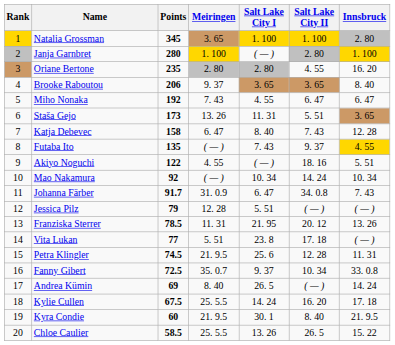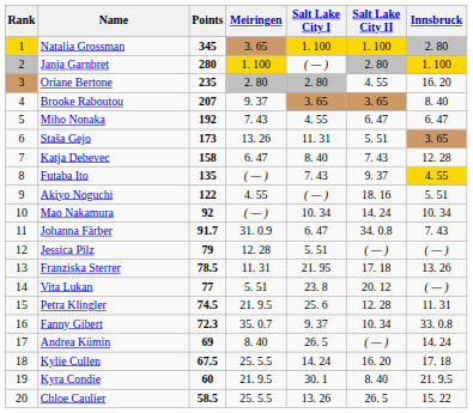 <table class="wikitable sortable">
 <tr>
 <th>Rank</th>
 <th width = "200">Name</th>
 <th>Points</th>
 <th width = "75" data-sort-type="number"><a href='#'>Meiringen</a></th>
 <th width = "75" data-sort-type="number"><a href='#'>Salt Lake City I</a></th>
 <th width = "75" data-sort-type="number"><a href='#'>Salt Lake City II</a></th>
 <th width = "75" data-sort-type="number"><a href='#'>Innsbruck</a></th>
 </tr>
 <tr>
 <td align="center" style="background: gold">1</td>
 <td> <a href='#'>Natalia Grossman</a></td>
 <td align="center"><strong>345</strong></td>
 <td align="center" style="background: #cc9966">3. 65</td>
 <td align="center" style="background: gold">1. 100</td>
 <td align="center" style="background: gold">1. 100</td>
 <td align="center" style="background: silver">2. 80</td>
 </tr>
 <tr>
 <td align="center" style="background: silver">2</td>
 <td> <a href='#'>Janja Garnbret</a></td>
 <td align="center"><strong>280</strong></td>
 <td align="center" style="background: gold">1. 100</td>
 <td align="center"><em>( — )</em></td>
 <td align="center" style="background: silver">2. 80</td>
 <td align="center" style="background: gold">1. 100</td>
 </tr>
 <tr>
 <td align="center" style="background: #cc9966">3</td>
 <td> <a href='#'>Oriane Bertone</a></td>
 <td align="center"><strong>235</strong></td>
 <td align="center" style="background: silver">2. 80</td>
 <td align="center" style="background: silver">2. 80</td>
 <td align="center">4. 55</td>
 <td align="center">16. 20</td>
 </tr>
 <tr>
 <td align="center">4</td>
 <td> <a href='#'>Brooke Raboutou</a></td>
-<td align="center"><strong>206</strong></td>
+<td align="center"><strong>207</strong></td>
 <td align="center">9. 37</td>
 <td align="center" style="background: #cc9966">3. 65</td>
 <td align="center" style="background: #cc9966">3. 65</td>
 <td align="center">8. 40</td>
 </tr>
 <tr>
 <td align="center">5</td>
 <td> <a href='#'>Miho Nonaka</a></td>
 <td align="center"><strong>192</strong></td>
 <td align="center">7. 43</td>
 <td align="center">4. 55</td>
 <td align="center">6. 47</td>
 <td align="center">6. 47</td>
 </tr>
 <tr>
 <td align="center">6</td>
 <td> <a href='#'>Staša Gejo</a></td>
 <td align="center"><strong>173</strong></td>
 <td align="center">13. 26</td>
 <td align="center">11. 31</td>
 <td align="center">5. 51</td>
 <td align="center" style="background: #cc9966">3. 65</td>
 </tr>
 <tr>
 <td align="center">7</td>
 <td> <a href='#'>Katja Debevec</a></td>
 <td align="center"><strong>158</strong></td>
 <td align="center">6. 47</td>
 <td align="center">8. 40</td>
 <td align="center">7. 43</td>
 <td align="center">12. 28</td>
 </tr>
 <tr>
 <td align="center">8</td>
 <td> <a href='#'>Futaba Ito</a></td>
 <td align="center"><strong>135</strong></td>
 <td align="center"><em>( — )</em></td>
 <td align="center">7. 43</td>
 <td align="center">9. 37</td>
 <td align="center" style="background: gold;">4. 55</td>
 </tr>
 <tr>
 <td align="center">9</td>
 <td> <a href='#'>Akiyo Noguchi</a></td>
 <td align="center"><strong>122</strong></td>
 <td align="center">4. 55</td>
 <td align="center"><em>( — )</em></td>
 <td align="center">18. 16</td>
 <td align="center">5. 51</td>
 </tr>
 <tr>
 <td align="center">10</td>
 <td> <a href='#'>Mao Nakamura</a></td>
 <td align="center"><strong>92</strong></td>
 <td align="center"><em>( — )</em></td>
 <td align="center">10. 34</td>
 <td align="center">14. 24</td>
 <td align="center">10. 34</td>
 </tr>
 <tr>
 <td align="center">11</td>
 <td> <a href='#'>Johanna Färber</a></td>
 <td align="center"><strong>91.7</strong></td>
 <td align="center">31. 0.9</td>
 <td align="center">6. 47</td>
 <td align="center">34. 0.8</td>
 <td align="center">7. 43</td>
 </tr>
 <tr>
 <td align="center">12</td>
 <td> <a href='#'>Jessica Pilz</a></td>
 <td align="center"><strong>79</strong></td>
 <td align="center">12. 28</td>
 <td align="center">5. 51</td>
 <td align="center"><em>( — )</em></td>
 <td align="center"><em>( — )</em></td>
 </tr>
 <tr>
 <td align="center">13</td>
 <td> <a href='#'>Franziska Sterrer</a></td>
 <td align="center"><strong>78.5</strong></td>
 <td align="center">11. 31</td>
 <td align="center">21. 95</td>
-<td align="center">20. 12</td>
+<td align="center">17. 18</td>
 <td align="center">13. 26</td>
 </tr>
 <tr>
 <td align="center">14</td>
 <td> <a href='#'>Vita Lukan</a></td>
 <td align="center"><strong>77</strong></td>
 <td align="center">5. 51</td>
 <td align="center">23. 8</td>
-<td align="center">17. 18</td>
+<td align="center">20. 12</td>
 <td align="center"><em>( — )</em></td>
 </tr>
 <tr>
 <td align="center">15</td>
 <td> <a href='#'>Petra Klingler</a></td>
 <td align="center"><strong>74.5</strong></td>
 <td align="center">21. 9.5</td>
 <td align="center">25. 6</td>
 <td align="center">12. 28</td>
 <td align="center">11. 31</td>
 </tr>
 <tr>
 <td align="center">16</td>
 <td> <a href='#'>Fanny Gibert</a></td>
-<td align="center"><strong>72.5</strong></td>
+<td align="center"><strong>72.3</strong></td>
 <td align="center">35. 0.7</td>
 <td align="center">9. 37</td>
 <td align="center">10. 34</td>
 <td align="center">33. 0.8</td>
 </tr>
 <tr>
 <td align="center">17</td>
 <td> <a href='#'>Andrea Kümin</a></td>
 <td align="center"><strong>69</strong></td>
 <td align="center">8. 40</td>
 <td align="center">26. 5</td>
 <td align="center"><em>( — )</em></td>
 <td align="center">14. 24</td>
 </tr>
 <tr>
 <td align="center">18</td>
 <td> <a href='#'>Kylie Cullen</a></td>
 <td align="center"><strong>67.5</strong></td>
 <td align="center">25. 5.5</td>
 <td align="center">14. 24</td>
 <td align="center">16. 20</td>
 <td align="center">17. 18</td>
 </tr>
 <tr>
 <td align="center">19</td>
 <td> <a href='#'>Kyra Condie</a></td>
 <td align="center"><strong>60</strong></td>
 <td align="center">21. 9.5</td>
 <td align="center">30. 1</td>
 <td align="center">8. 40</td>
 <td align="center">21. 9.5</td>
 </tr>
 <tr>
 <td align="center">20</td>
 <td> <a href='#'>Chloe Caulier</a></td>
 <td align="center"><strong>58.5</strong></td>
 <td align="center">25. 5.5</td>
 <td align="center">13. 26</td>
 <td align="center">26. 5</td>
 <td align="center">15. 22</td>
 </tr>
 </table>
